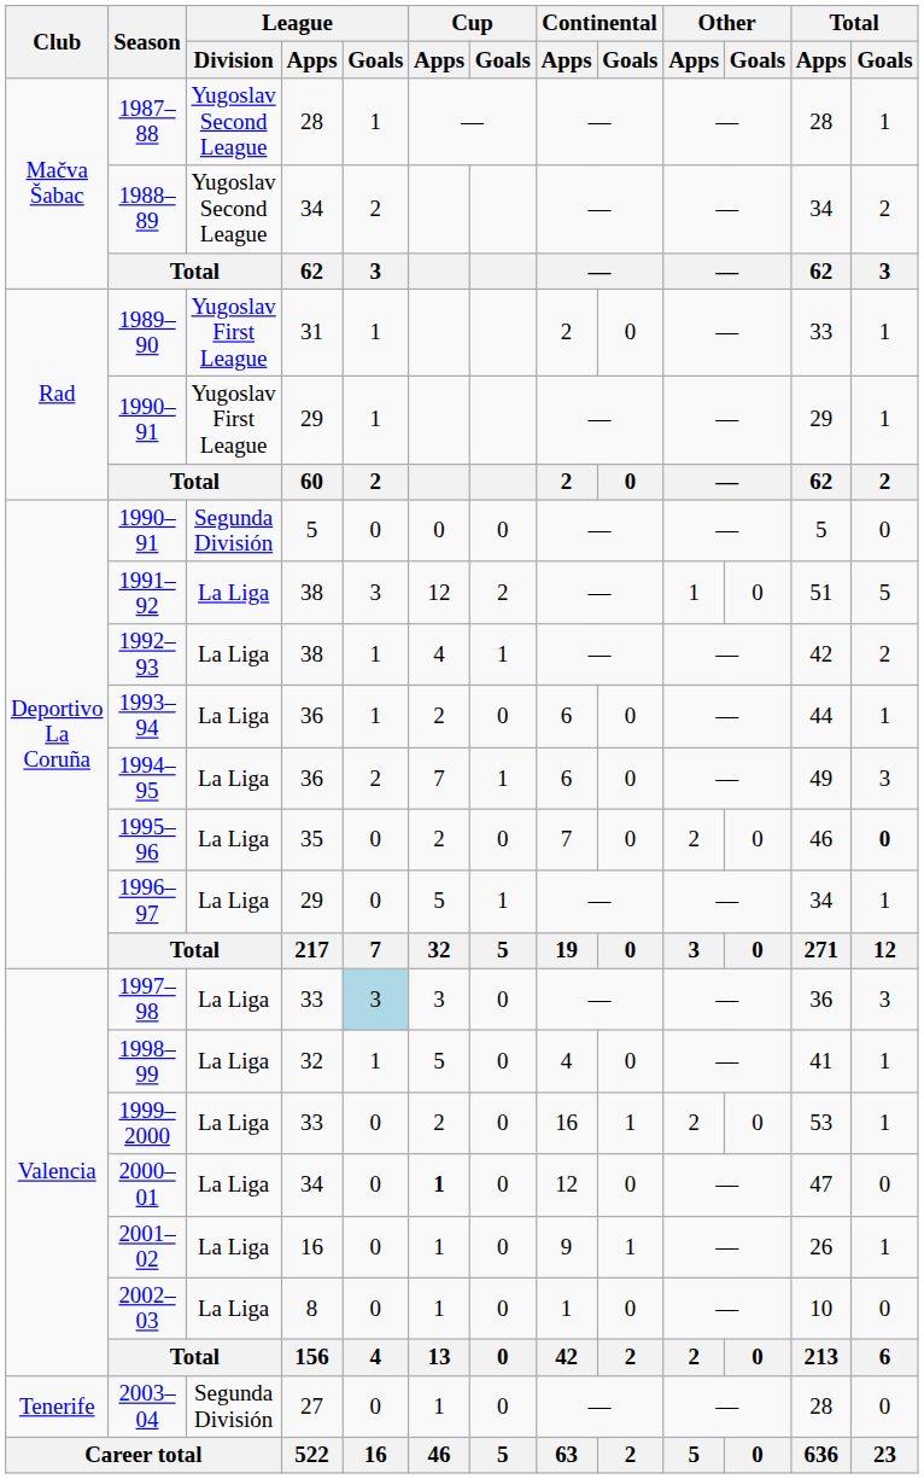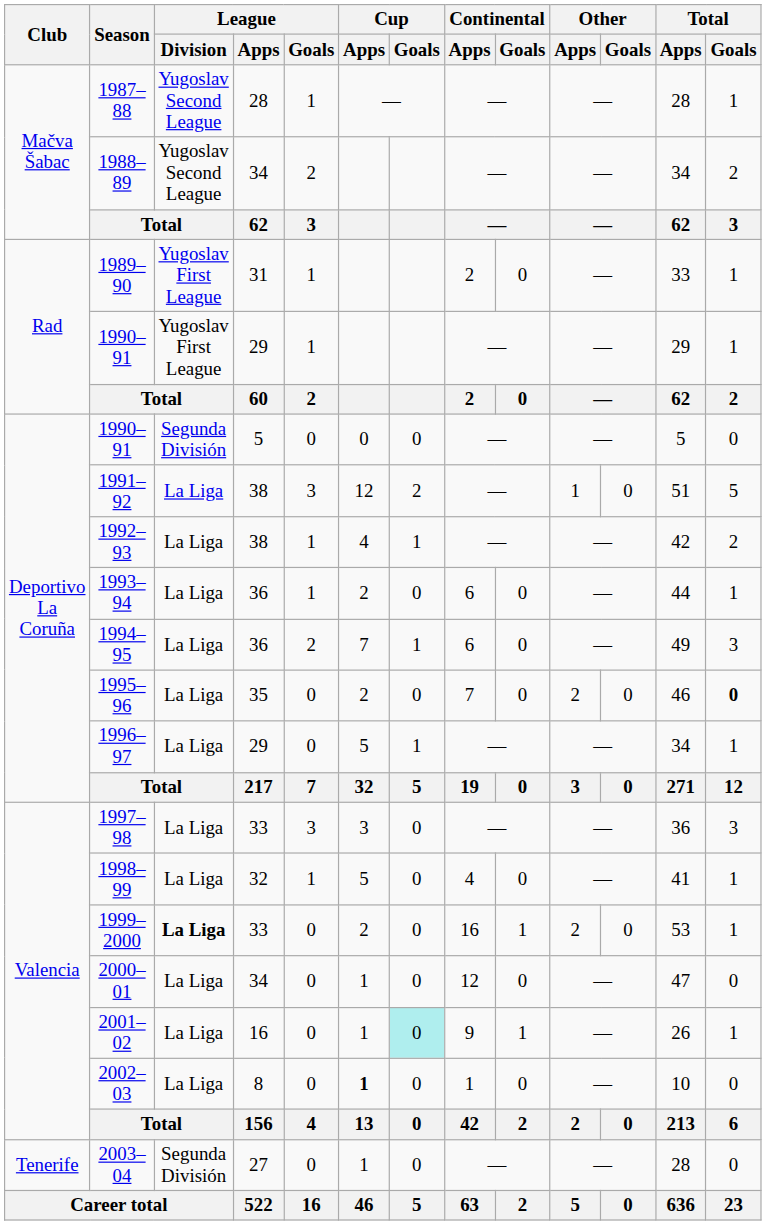 <table class="wikitable" style="text-align:center">
 <tr>
 <th rowspan="2">Club</th>
 <th rowspan="2">Season</th>
 <th colspan="3">League</th>
 <th colspan="2">Cup</th>
 <th colspan="2">Continental</th>
 <th colspan="2">Other</th>
 <th colspan="2">Total</th>
 </tr>
 <tr>
 <th>Division</th>
 <th>Apps</th>
 <th>Goals</th>
 <th>Apps</th>
 <th>Goals</th>
 <th>Apps</th>
 <th>Goals</th>
 <th>Apps</th>
 <th>Goals</th>
 <th>Apps</th>
 <th>Goals</th>
 </tr>
 <tr>
 <td rowspan="3"><a href='#'>Mačva Šabac</a></td>
 <td><a href='#'>1987–88</a></td>
 <td><a href='#'>Yugoslav Second League</a></td>
 <td>28</td>
 <td>1</td>
 <td colspan="2">—</td>
 <td colspan="2">—</td>
 <td colspan="2">—</td>
 <td>28</td>
 <td>1</td>
 </tr>
 <tr>
 <td><a href='#'>1988–89</a></td>
 <td>Yugoslav Second League</td>
 <td>34</td>
 <td>2</td>
 <td></td>
 <td></td>
 <td colspan="2">—</td>
 <td colspan="2">—</td>
 <td>34</td>
 <td>2</td>
 </tr>
 <tr>
 <th colspan="2">Total</th>
 <th>62</th>
 <th>3</th>
 <th></th>
 <th></th>
 <th colspan="2">—</th>
 <th colspan="2">—</th>
 <th>62</th>
 <th>3</th>
 </tr>
 <tr>
 <td rowspan="3"><a href='#'>Rad</a></td>
 <td><a href='#'>1989–90</a></td>
 <td><a href='#'>Yugoslav First League</a></td>
 <td>31</td>
 <td>1</td>
 <td></td>
 <td></td>
 <td>2</td>
 <td>0</td>
 <td colspan="2">—</td>
 <td>33</td>
 <td>1</td>
 </tr>
 <tr>
 <td><a href='#'>1990–91</a></td>
 <td>Yugoslav First League</td>
 <td>29</td>
 <td>1</td>
 <td></td>
 <td></td>
 <td colspan="2">—</td>
 <td colspan="2">—</td>
 <td>29</td>
 <td>1</td>
 </tr>
 <tr>
 <th colspan="2">Total</th>
 <th>60</th>
 <th>2</th>
 <th></th>
 <th></th>
 <th>2</th>
 <th>0</th>
 <th colspan="2">—</th>
 <th>62</th>
 <th>2</th>
 </tr>
 <tr>
 <td rowspan="8"><a href='#'>Deportivo La Coruña</a></td>
 <td><a href='#'>1990–91</a></td>
 <td><a href='#'>Segunda División</a></td>
 <td>5</td>
 <td>0</td>
 <td>0</td>
 <td>0</td>
 <td colspan="2">—</td>
 <td colspan="2">—</td>
 <td>5</td>
 <td>0</td>
 </tr>
 <tr>
 <td><a href='#'>1991–92</a></td>
 <td><a href='#'>La Liga</a></td>
 <td>38</td>
 <td>3</td>
 <td>12</td>
 <td>2</td>
 <td colspan="2">—</td>
 <td>1</td>
 <td>0</td>
 <td>51</td>
 <td>5</td>
 </tr>
 <tr>
 <td><a href='#'>1992–93</a></td>
 <td>La Liga</td>
 <td>38</td>
 <td>1</td>
 <td>4</td>
 <td>1</td>
 <td colspan="2">—</td>
 <td colspan="2">—</td>
 <td>42</td>
 <td>2</td>
 </tr>
 <tr>
 <td><a href='#'>1993–94</a></td>
 <td>La Liga</td>
 <td>36</td>
 <td>1</td>
 <td>2</td>
 <td>0</td>
 <td>6</td>
 <td>0</td>
 <td colspan="2">—</td>
 <td>44</td>
 <td>1</td>
 </tr>
 <tr>
 <td><a href='#'>1994–95</a></td>
 <td>La Liga</td>
 <td>36</td>
 <td>2</td>
 <td>7</td>
 <td>1</td>
 <td>6</td>
 <td>0</td>
 <td colspan="2">—</td>
 <td>49</td>
 <td>3</td>
 </tr>
 <tr>
 <td><a href='#'>1995–96</a></td>
 <td>La Liga</td>
 <td>35</td>
 <td>0</td>
 <td>2</td>
 <td>0</td>
 <td>7</td>
 <td>0</td>
 <td>2</td>
 <td>0</td>
 <td>46</td>
 <td><strong>0</strong></td>
 </tr>
 <tr>
 <td><a href='#'>1996–97</a></td>
 <td>La Liga</td>
 <td>29</td>
 <td>0</td>
 <td>5</td>
 <td>1</td>
 <td colspan="2">—</td>
 <td colspan="2">—</td>
 <td>34</td>
 <td>1</td>
 </tr>
 <tr>
 <th colspan="2">Total</th>
 <th>217</th>
 <th>7</th>
 <th>32</th>
 <th>5</th>
 <th>19</th>
 <th>0</th>
 <th>3</th>
 <th>0</th>
 <th>271</th>
 <th>12</th>
 </tr>
 <tr>
 <td rowspan="7"><a href='#'>Valencia</a></td>
 <td><a href='#'>1997–98</a></td>
 <td>La Liga</td>
 <td>33</td>
-<td style="background: lightblue;">3</td>
+<td>3</td>
 <td>3</td>
 <td>0</td>
 <td colspan="2">—</td>
 <td colspan="2">—</td>
 <td>36</td>
 <td>3</td>
 </tr>
 <tr>
 <td><a href='#'>1998–99</a></td>
 <td>La Liga</td>
 <td>32</td>
 <td>1</td>
 <td>5</td>
 <td>0</td>
 <td>4</td>
 <td>0</td>
 <td colspan="2">—</td>
 <td>41</td>
 <td>1</td>
 </tr>
 <tr>
 <td><a href='#'>1999–2000</a></td>
-<td>La Liga</td>
+<td><strong>La Liga</strong></td>
 <td>33</td>
 <td>0</td>
 <td>2</td>
 <td>0</td>
 <td>16</td>
 <td>1</td>
 <td>2</td>
 <td>0</td>
 <td>53</td>
 <td>1</td>
 </tr>
 <tr>
 <td><a href='#'>2000–01</a></td>
 <td>La Liga</td>
 <td>34</td>
 <td>0</td>
-<td><strong>1</strong></td>
+<td>1</td>
 <td>0</td>
 <td>12</td>
 <td>0</td>
 <td colspan="2">—</td>
 <td>47</td>
 <td>0</td>
 </tr>
 <tr>
 <td><a href='#'>2001–02</a></td>
 <td>La Liga</td>
 <td>16</td>
 <td>0</td>
 <td>1</td>
-<td>0</td>
+<td style="background: paleturquoise;">0</td>
 <td>9</td>
 <td>1</td>
 <td colspan="2">—</td>
 <td>26</td>
 <td>1</td>
 </tr>
 <tr>
 <td><a href='#'>2002–03</a></td>
 <td>La Liga</td>
 <td>8</td>
 <td>0</td>
-<td>1</td>
+<td><strong>1</strong></td>
 <td>0</td>
 <td>1</td>
 <td>0</td>
 <td colspan="2">—</td>
 <td>10</td>
 <td>0</td>
 </tr>
 <tr>
 <th colspan="2">Total</th>
 <th>156</th>
 <th>4</th>
 <th>13</th>
 <th>0</th>
 <th>42</th>
 <th>2</th>
 <th>2</th>
 <th>0</th>
 <th>213</th>
 <th>6</th>
 </tr>
 <tr>
 <td><a href='#'>Tenerife</a></td>
 <td><a href='#'>2003–04</a></td>
 <td>Segunda División</td>
 <td>27</td>
 <td>0</td>
 <td>1</td>
 <td>0</td>
 <td colspan="2">—</td>
 <td colspan="2">—</td>
 <td>28</td>
 <td>0</td>
 </tr>
 <tr>
 <th colspan="3">Career total</th>
 <th>522</th>
 <th>16</th>
 <th>46</th>
 <th>5</th>
 <th>63</th>
 <th>2</th>
 <th>5</th>
 <th>0</th>
 <th>636</th>
 <th>23</th>
 </tr>
 </table>
